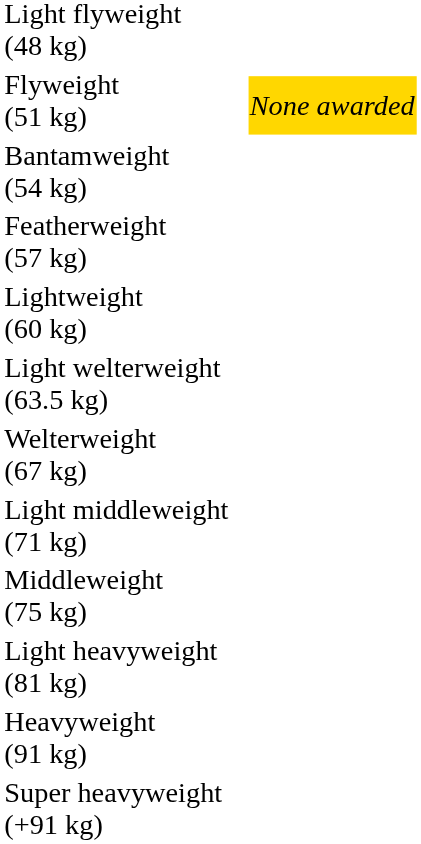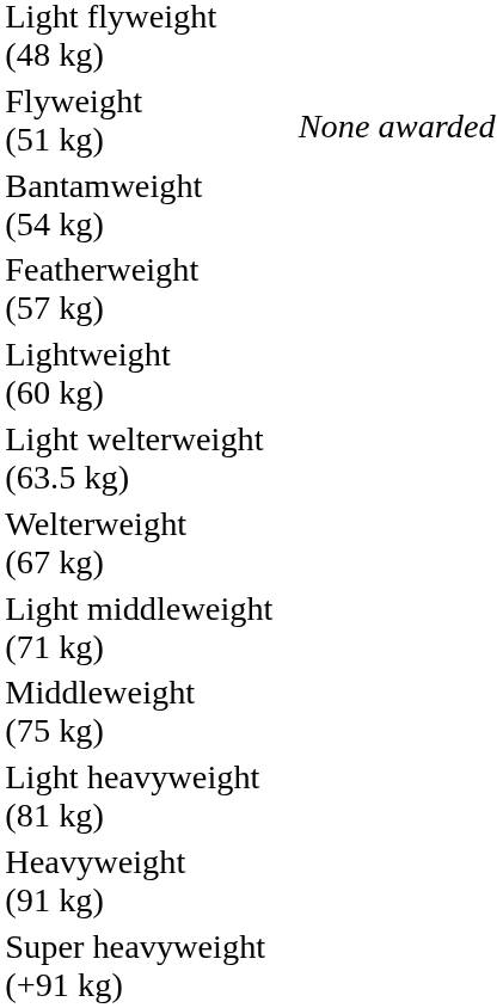 <table>
 <tr>
 <td rowspan=2>Light flyweight<br>(48 kg)</td>
 <td rowspan=2></td>
 <td rowspan=2></td>
 <td></td>
 </tr>
 <tr>
 <td></td>
 </tr>
 <tr>
 <td rowspan=2>Flyweight<br>(51 kg)</td>
 <td rowspan=2></td>
 <td rowspan=2></td>
 <td></td>
 </tr>
 <tr>
-<td style="background: gold;"><em>None awarded</em></td>
+<td><em>None awarded</em></td>
 </tr>
 <tr>
 <td rowspan=2>Bantamweight<br>(54 kg)</td>
 <td rowspan=2></td>
 <td rowspan=2></td>
 <td></td>
 </tr>
 <tr>
 <td></td>
 </tr>
 <tr>
 <td rowspan=2>Featherweight<br>(57 kg)</td>
 <td rowspan=2></td>
 <td rowspan=2></td>
 <td></td>
 </tr>
 <tr>
 <td></td>
 </tr>
 <tr>
 <td rowspan=2>Lightweight<br>(60 kg)</td>
 <td rowspan=2></td>
 <td rowspan=2></td>
 <td></td>
 </tr>
 <tr>
 <td></td>
 </tr>
 <tr>
 <td rowspan=2>Light welterweight<br>(63.5 kg)</td>
 <td rowspan=2></td>
 <td rowspan=2></td>
 <td></td>
 </tr>
 <tr>
 <td></td>
 </tr>
 <tr>
 <td rowspan=2>Welterweight<br>(67 kg)</td>
 <td rowspan=2></td>
 <td rowspan=2></td>
 <td></td>
 </tr>
 <tr>
 <td></td>
 </tr>
 <tr>
 <td rowspan=2>Light middleweight<br>(71 kg)</td>
 <td rowspan=2></td>
 <td rowspan=2></td>
 <td></td>
 </tr>
 <tr>
 <td></td>
 </tr>
 <tr>
 <td rowspan=2>Middleweight<br>(75 kg)</td>
 <td rowspan=2></td>
 <td rowspan=2></td>
 <td></td>
 </tr>
 <tr>
 <td></td>
 </tr>
 <tr>
 <td rowspan=2>Light heavyweight<br>(81 kg)</td>
 <td rowspan=2></td>
 <td rowspan=2></td>
 <td></td>
 </tr>
 <tr>
 <td></td>
 </tr>
 <tr>
 <td rowspan=2>Heavyweight<br>(91 kg)</td>
 <td rowspan=2></td>
 <td rowspan=2></td>
 <td></td>
 </tr>
 <tr>
 <td></td>
 </tr>
 <tr>
 <td rowspan=2>Super heavyweight<br>(+91 kg)</td>
 <td rowspan=2></td>
 <td rowspan=2></td>
 <td></td>
 </tr>
 <tr>
 <td></td>
 </tr>
 </table>
